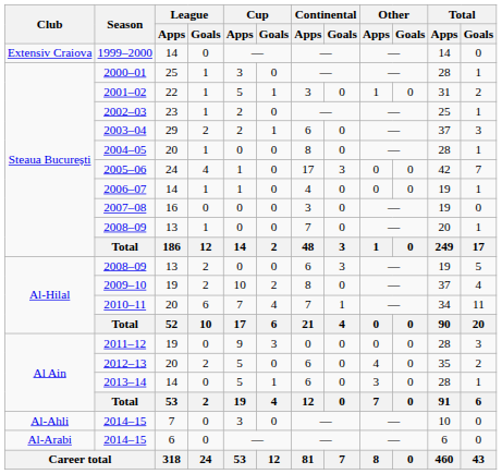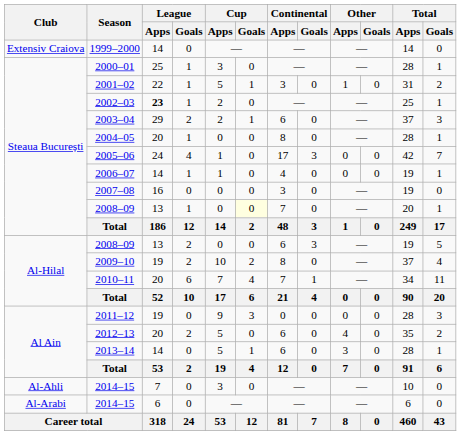 <table class="wikitable" style="text-align:center">
 <tr>
 <th rowspan="2">Club</th>
 <th rowspan="2">Season</th>
 <th colspan="2">League</th>
 <th colspan="2">Cup</th>
 <th colspan="2">Continental</th>
 <th colspan="2">Other</th>
 <th colspan="2">Total</th>
 </tr>
 <tr>
 <th>Apps</th>
 <th>Goals</th>
 <th>Apps</th>
 <th>Goals</th>
 <th>Apps</th>
 <th>Goals</th>
 <th>Apps</th>
 <th>Goals</th>
 <th>Apps</th>
 <th>Goals</th>
 </tr>
 <tr>
 <td><a href='#'>Extensiv Craiova</a></td>
 <td><a href='#'>1999–2000</a></td>
 <td>14</td>
 <td>0</td>
 <td colspan="2">—</td>
 <td colspan="2">—</td>
 <td colspan="2">—</td>
 <td>14</td>
 <td>0</td>
 </tr>
 <tr>
 <td rowspan="10"><a href='#'>Steaua București</a></td>
 <td><a href='#'>2000–01</a></td>
 <td>25</td>
 <td>1</td>
 <td>3</td>
 <td>0</td>
 <td colspan="2">—</td>
 <td colspan="2">—</td>
 <td>28</td>
 <td>1</td>
 </tr>
 <tr>
 <td><a href='#'>2001–02</a></td>
 <td>22</td>
 <td>1</td>
 <td>5</td>
 <td>1</td>
 <td>3</td>
 <td>0</td>
 <td>1</td>
 <td>0</td>
 <td>31</td>
 <td>2</td>
 </tr>
 <tr>
 <td><a href='#'>2002–03</a></td>
-<td>23</td>
+<td><strong>23</strong></td>
 <td>1</td>
 <td>2</td>
 <td>0</td>
 <td colspan="2">—</td>
 <td colspan="2">—</td>
 <td>25</td>
 <td>1</td>
 </tr>
 <tr>
 <td><a href='#'>2003–04</a></td>
 <td>29</td>
 <td>2</td>
 <td>2</td>
 <td>1</td>
 <td>6</td>
 <td>0</td>
 <td colspan="2">—</td>
 <td>37</td>
 <td>3</td>
 </tr>
 <tr>
 <td><a href='#'>2004–05</a></td>
 <td>20</td>
 <td>1</td>
 <td>0</td>
 <td>0</td>
 <td>8</td>
 <td>0</td>
 <td colspan="2">—</td>
 <td>28</td>
 <td>1</td>
 </tr>
 <tr>
 <td><a href='#'>2005–06</a></td>
 <td>24</td>
 <td>4</td>
 <td>1</td>
 <td>0</td>
 <td>17</td>
 <td>3</td>
 <td>0</td>
 <td>0</td>
 <td>42</td>
 <td>7</td>
 </tr>
 <tr>
 <td><a href='#'>2006–07</a></td>
 <td>14</td>
 <td>1</td>
 <td>1</td>
 <td>0</td>
 <td>4</td>
 <td>0</td>
 <td>0</td>
 <td>0</td>
 <td>19</td>
 <td>1</td>
 </tr>
 <tr>
 <td><a href='#'>2007–08</a></td>
 <td>16</td>
 <td>0</td>
 <td>0</td>
 <td>0</td>
 <td>3</td>
 <td>0</td>
 <td colspan="2">—</td>
 <td>19</td>
 <td>0</td>
 </tr>
 <tr>
 <td><a href='#'>2008–09</a></td>
 <td>13</td>
 <td>1</td>
 <td>0</td>
-<td>0</td>
+<td style="background: lightyellow;">0</td>
 <td>7</td>
 <td>0</td>
 <td colspan="2">—</td>
 <td>20</td>
 <td>1</td>
 </tr>
 <tr>
 <th>Total</th>
 <th>186</th>
 <th>12</th>
 <th>14</th>
 <th>2</th>
 <th>48</th>
 <th>3</th>
 <th>1</th>
 <th>0</th>
 <th>249</th>
 <th>17</th>
 </tr>
 <tr>
 <td rowspan="4"><a href='#'>Al-Hilal</a></td>
 <td><a href='#'>2008–09</a></td>
 <td>13</td>
 <td>2</td>
 <td>0</td>
 <td>0</td>
 <td>6</td>
 <td>3</td>
 <td colspan="2">—</td>
 <td>19</td>
 <td>5</td>
 </tr>
 <tr>
 <td><a href='#'>2009–10</a></td>
 <td>19</td>
 <td>2</td>
 <td>10</td>
 <td>2</td>
 <td>8</td>
 <td>0</td>
 <td colspan="2">—</td>
 <td>37</td>
 <td>4</td>
 </tr>
 <tr>
 <td><a href='#'>2010–11</a></td>
 <td>20</td>
 <td>6</td>
 <td>7</td>
 <td>4</td>
 <td>7</td>
 <td>1</td>
 <td colspan="2">—</td>
 <td>34</td>
 <td>11</td>
 </tr>
 <tr>
 <th>Total</th>
 <th>52</th>
 <th>10</th>
 <th>17</th>
 <th>6</th>
 <th>21</th>
 <th>4</th>
 <th>0</th>
 <th>0</th>
 <th>90</th>
 <th>20</th>
 </tr>
 <tr>
 <td rowspan="4"><a href='#'>Al Ain</a></td>
 <td><a href='#'>2011–12</a></td>
 <td>19</td>
 <td>0</td>
 <td>9</td>
 <td>3</td>
 <td>0</td>
 <td>0</td>
 <td>0</td>
 <td>0</td>
 <td>28</td>
 <td>3</td>
 </tr>
 <tr>
 <td><a href='#'>2012–13</a></td>
 <td>20</td>
 <td>2</td>
 <td>5</td>
 <td>0</td>
 <td>6</td>
 <td>0</td>
 <td>4</td>
 <td>0</td>
 <td>35</td>
 <td>2</td>
 </tr>
 <tr>
 <td><a href='#'>2013–14</a></td>
 <td>14</td>
 <td>0</td>
 <td>5</td>
 <td>1</td>
 <td>6</td>
 <td>0</td>
 <td>3</td>
 <td>0</td>
 <td>28</td>
 <td>1</td>
 </tr>
 <tr>
 <th>Total</th>
 <th>53</th>
 <th>2</th>
 <th>19</th>
 <th>4</th>
 <th>12</th>
 <th>0</th>
 <th>7</th>
 <th>0</th>
 <th>91</th>
 <th>6</th>
 </tr>
 <tr>
 <td><a href='#'>Al-Ahli</a></td>
 <td><a href='#'>2014–15</a></td>
 <td>7</td>
 <td>0</td>
 <td>3</td>
 <td>0</td>
 <td colspan="2">—</td>
 <td colspan="2">—</td>
 <td>10</td>
 <td>0</td>
 </tr>
 <tr>
 <td><a href='#'>Al-Arabi</a></td>
 <td><a href='#'>2014–15</a></td>
 <td>6</td>
 <td>0</td>
 <td colspan="2">—</td>
 <td colspan="2">—</td>
 <td colspan="2">—</td>
 <td>6</td>
 <td>0</td>
 </tr>
 <tr>
 <th colspan="2">Career total</th>
 <th>318</th>
 <th>24</th>
 <th>53</th>
 <th>12</th>
 <th>81</th>
 <th>7</th>
 <th>8</th>
 <th>0</th>
 <th>460</th>
 <th>43</th>
 </tr>
 </table>
